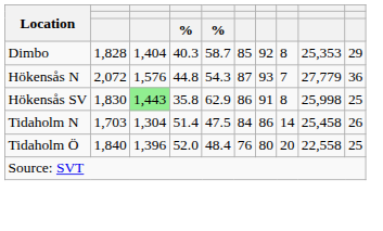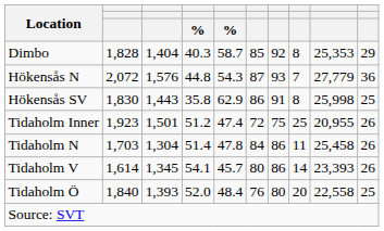 <table role="presentation" class="wikitable sortable mw-collapsible">
 <tr>
 <th rowspan="3">Location</th>
 <th></th>
 <th></th>
 <th></th>
 <th></th>
 <th></th>
 <th></th>
 <th></th>
 <th></th>
 <th></th>
 </tr>
 <tr>
 <th></th>
 <th></th>
 <th style="background:"></th>
 <th style="background:"></th>
 <th></th>
 <th></th>
 <th></th>
 <th></th>
 <th></th>
 </tr>
 <tr>
 <th data-sort-type="number"></th>
 <th data-sort-type="number"></th>
 <th data-sort-type="number">%</th>
 <th data-sort-type="number">%</th>
 <th data-sort-type="number"></th>
 <th data-sort-type="number"></th>
 <th data-sort-type="number"></th>
 <th data-sort-type="number"></th>
 <th data-sort-type="number"></th>
 </tr>
 <tr>
 <td align="left">Dimbo</td>
 <td>1,828</td>
 <td>1,404</td>
 <td>40.3</td>
 <td>58.7</td>
 <td>85</td>
 <td>92</td>
 <td>8</td>
 <td>25,353</td>
 <td>29</td>
 </tr>
 <tr>
 <td align="left">Hökensås N</td>
 <td>2,072</td>
 <td>1,576</td>
 <td>44.8</td>
 <td>54.3</td>
 <td>87</td>
 <td>93</td>
 <td>7</td>
 <td>27,779</td>
 <td>36</td>
 </tr>
 <tr>
 <td align="left">Hökensås SV</td>
 <td>1,830</td>
-<td style="background: lightgreen;">1,443</td>
+<td>1,443</td>
 <td>35.8</td>
 <td>62.9</td>
 <td>86</td>
 <td>91</td>
 <td>8</td>
 <td>25,998</td>
 <td>25</td>
 </tr>
 <tr>
+<td align="left">Tidaholm Inner</td>
+<td>1,923</td>
+<td>1,501</td>
+<td>51.2</td>
+<td>47.4</td>
+<td>72</td>
+<td>75</td>
+<td>25</td>
+<td>20,955</td>
+<td>26</td>
+</tr>
+<tr>
 <td align="left">Tidaholm N</td>
 <td>1,703</td>
 <td>1,304</td>
 <td>51.4</td>
-<td>47.5</td>
+<td>47.8</td>
 <td>84</td>
 <td>86</td>
+<td>11</td>
+<td>25,458</td>
+<td>26</td>
+</tr>
+<tr>
+<td align="left">Tidaholm V</td>
+<td>1,614</td>
+<td>1,345</td>
+<td>54.1</td>
+<td>45.7</td>
+<td>80</td>
+<td>86</td>
 <td>14</td>
-<td>25,458</td>
+<td>23,393</td>
 <td>26</td>
 </tr>
 <tr>
 <td align="left">Tidaholm Ö</td>
 <td>1,840</td>
-<td>1,396</td>
+<td>1,393</td>
 <td>52.0</td>
 <td>48.4</td>
 <td>76</td>
 <td>80</td>
 <td>20</td>
 <td>22,558</td>
 <td>25</td>
 </tr>
 <tr>
 <td colspan="10" align="left">Source: <a href='#'>SVT</a></td>
 </tr>
 </table>
